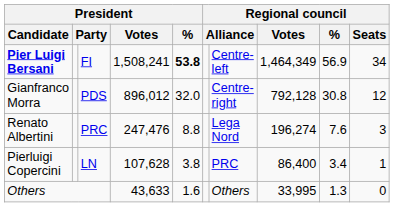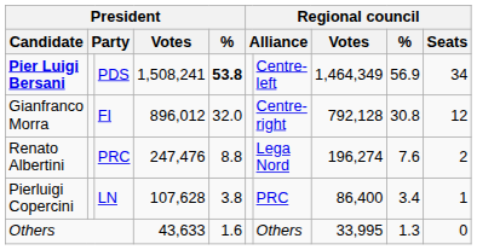 <table class="wikitable" style="text-align:right; style="width=65%">
 <tr>
 <th colspan="5">President</th>
 <th colspan="7">Regional council</th>
 </tr>
 <tr>
 <th>Candidate</th>
 <th colspan="2">Party</th>
 <th>Votes</th>
 <th>%</th>
 <th colspan="2">Alliance</th>
 <th>Votes</th>
 <th>%</th>
 <th>Seats</th>
 </tr>
 <tr>
 <td style="text-align:left"><strong><a href='#'>Pier Luigi Bersani</a></strong></td>
 <td></td>
-<td style="text-align:left"><a href='#'>FI</a></td>
+<td style="text-align:left"><a href='#'>PDS</a></td>
 <td>1,508,241</td>
 <td><strong>53.8</strong></td>
 <td></td>
 <td style="text-align:left"><a href='#'>Centre-left</a></td>
 <td>1,464,349</td>
 <td>56.9</td>
 <td>34</td>
 </tr>
 <tr>
 <td style="text-align:left">Gianfranco Morra</td>
 <td></td>
-<td style="text-align:left"><a href='#'>PDS</a></td>
+<td style="text-align:left"><a href='#'>FI</a></td>
 <td>896,012</td>
 <td>32.0</td>
 <td></td>
 <td style="text-align:left"><a href='#'>Centre-right</a></td>
 <td>792,128</td>
 <td>30.8</td>
 <td>12</td>
 </tr>
 <tr>
 <td style="text-align:left">Renato Albertini</td>
 <td></td>
 <td style="text-align:left"><a href='#'>PRC</a></td>
 <td>247,476</td>
 <td>8.8</td>
 <td></td>
 <td style="text-align:left"><a href='#'>Lega Nord</a></td>
 <td>196,274</td>
 <td>7.6</td>
-<td>3</td>
+<td>2</td>
 </tr>
 <tr>
 <td style="text-align:left">Pierluigi Copercini</td>
 <td></td>
 <td style="text-align:left"><a href='#'>LN</a></td>
 <td>107,628</td>
 <td>3.8</td>
 <td></td>
 <td style="text-align:left"><a href='#'>PRC</a></td>
 <td>86,400</td>
 <td>3.4</td>
 <td>1</td>
 </tr>
 <tr>
 <td colspan="3" style="text-align:left"><em>Others</em></td>
 <td>43,633</td>
 <td>1.6</td>
 <td></td>
 <td style="text-align:left"><em>Others</em></td>
 <td>33,995</td>
 <td>1.3</td>
 <td>0</td>
 </tr>
 </table>
